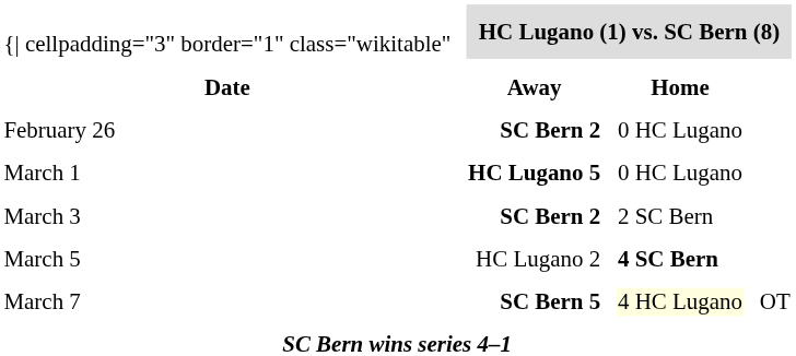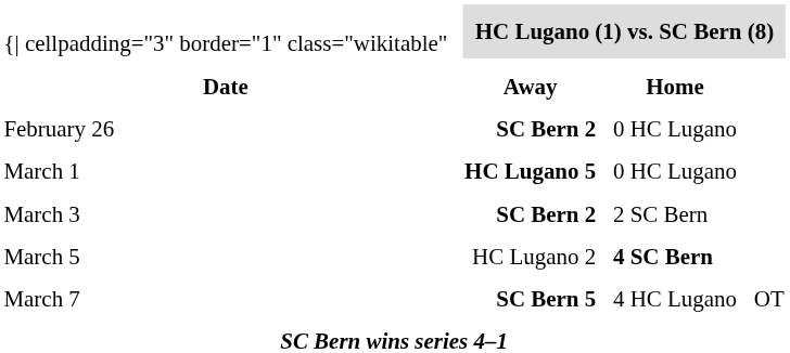 <table cellspacing="10">
 <tr>
 <td valign="top"><br>	{| cellpadding="3" border="1"  class="wikitable"</td>
 <th bgcolor="#DDDDDD" colspan="4">HC Lugano (1) vs. SC Bern (8)</th>
 </tr>
 <tr>
 <th>Date</th>
 <th>Away</th>
 <th>Home</th>
 </tr>
 <tr>
 <td>February 26</td>
 <td align = "right"><strong>SC Bern 2</strong></td>
 <td>0 HC Lugano</td>
 <td> </td>
 </tr>
 <tr>
 <td>March 1</td>
 <td align = "right"><strong>HC Lugano 5</strong></td>
 <td>0 HC Lugano</td>
 <td> </td>
 </tr>
 <tr>
 <td>March 3</td>
 <td align = "right"><strong>SC Bern 2</strong></td>
 <td>2 SC Bern</td>
 <td> </td>
 </tr>
 <tr>
 <td>March 5</td>
 <td align = "right">HC Lugano 2</td>
 <td><strong>4 SC Bern</strong></td>
 <td> </td>
 </tr>
 <tr>
 <td>March 7</td>
 <td align = "right"><strong>SC Bern 5</strong></td>
-<td style="background: lightyellow;">4 HC Lugano</td>
+<td>4 HC Lugano</td>
 <td>OT</td>
 </tr>
 <tr align="center">
 <td colspan="4"><strong><em>SC Bern wins series 4–1</em></strong></td>
 </tr>
 </table>
